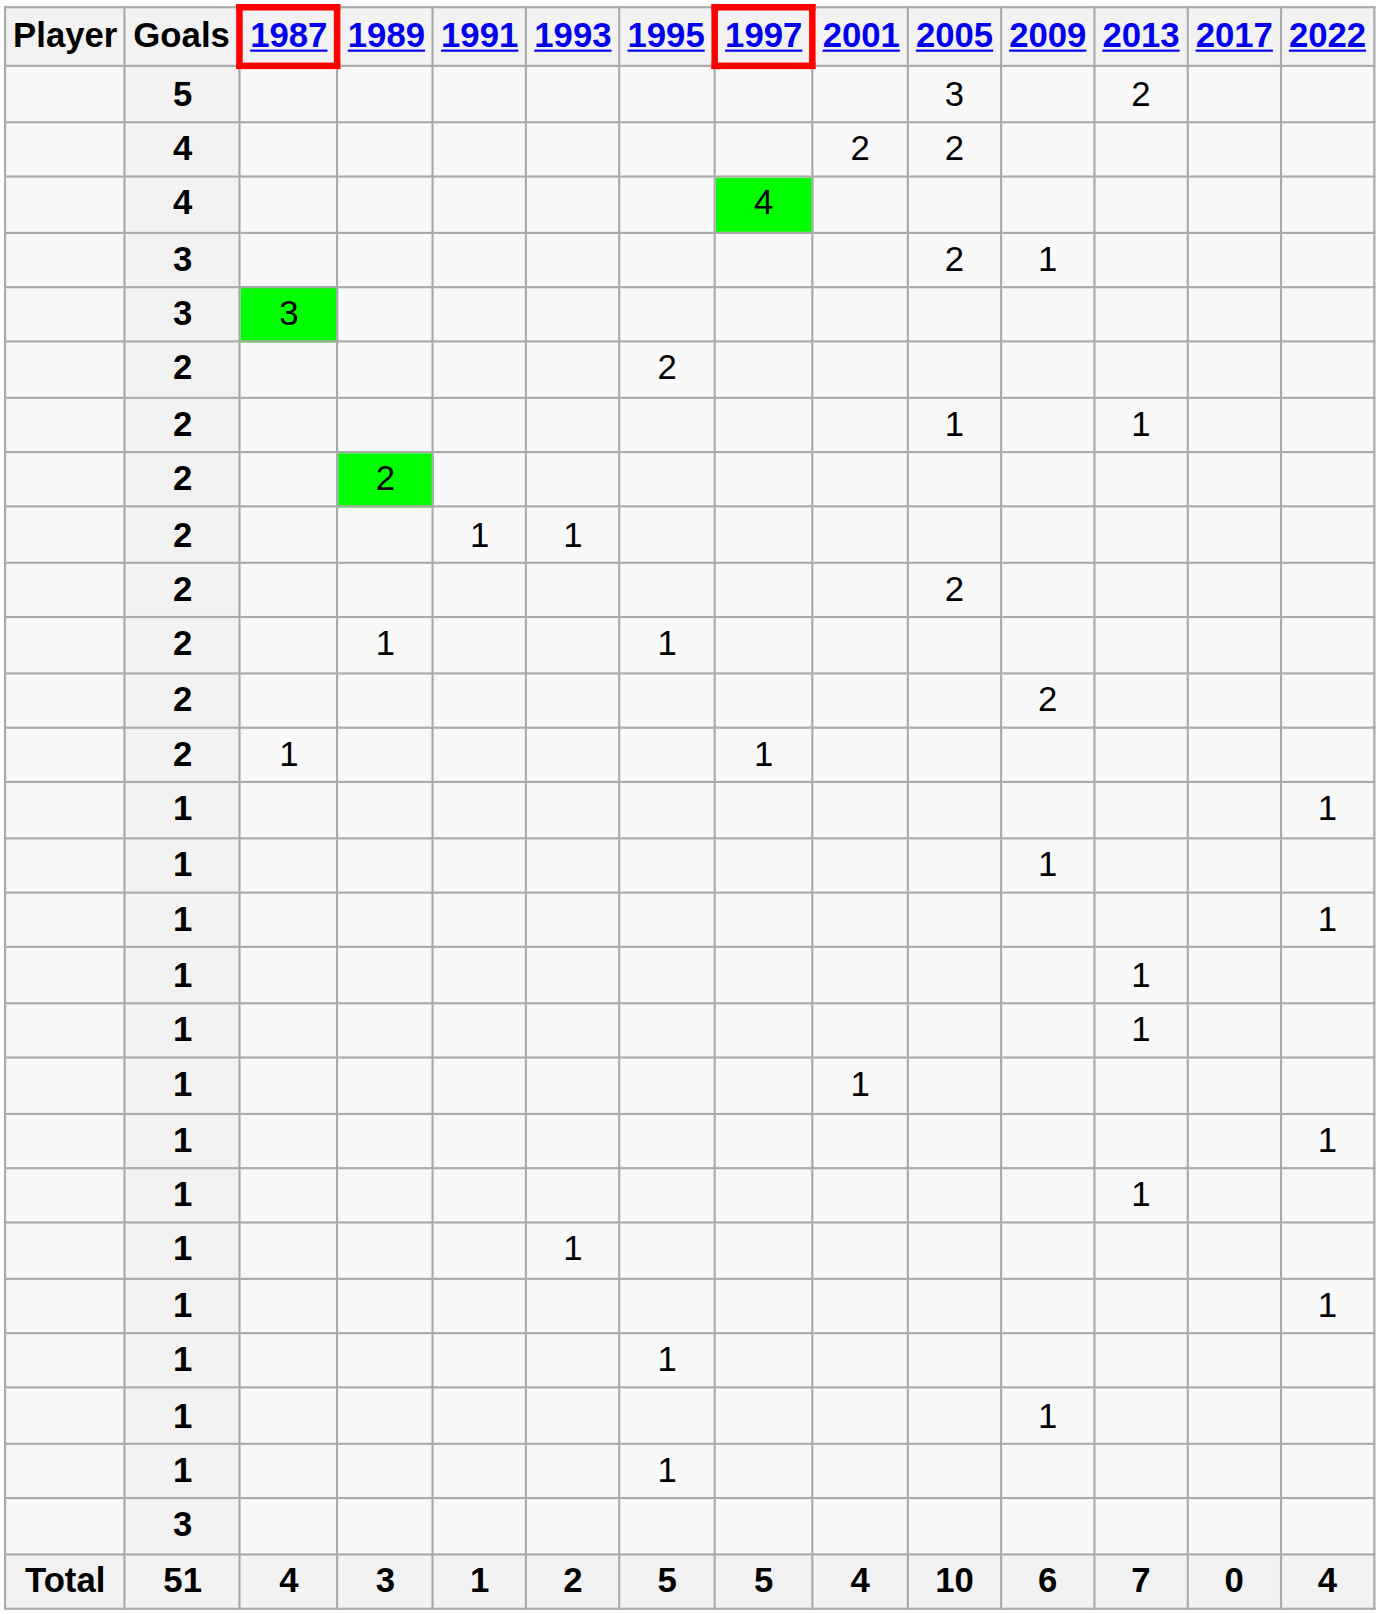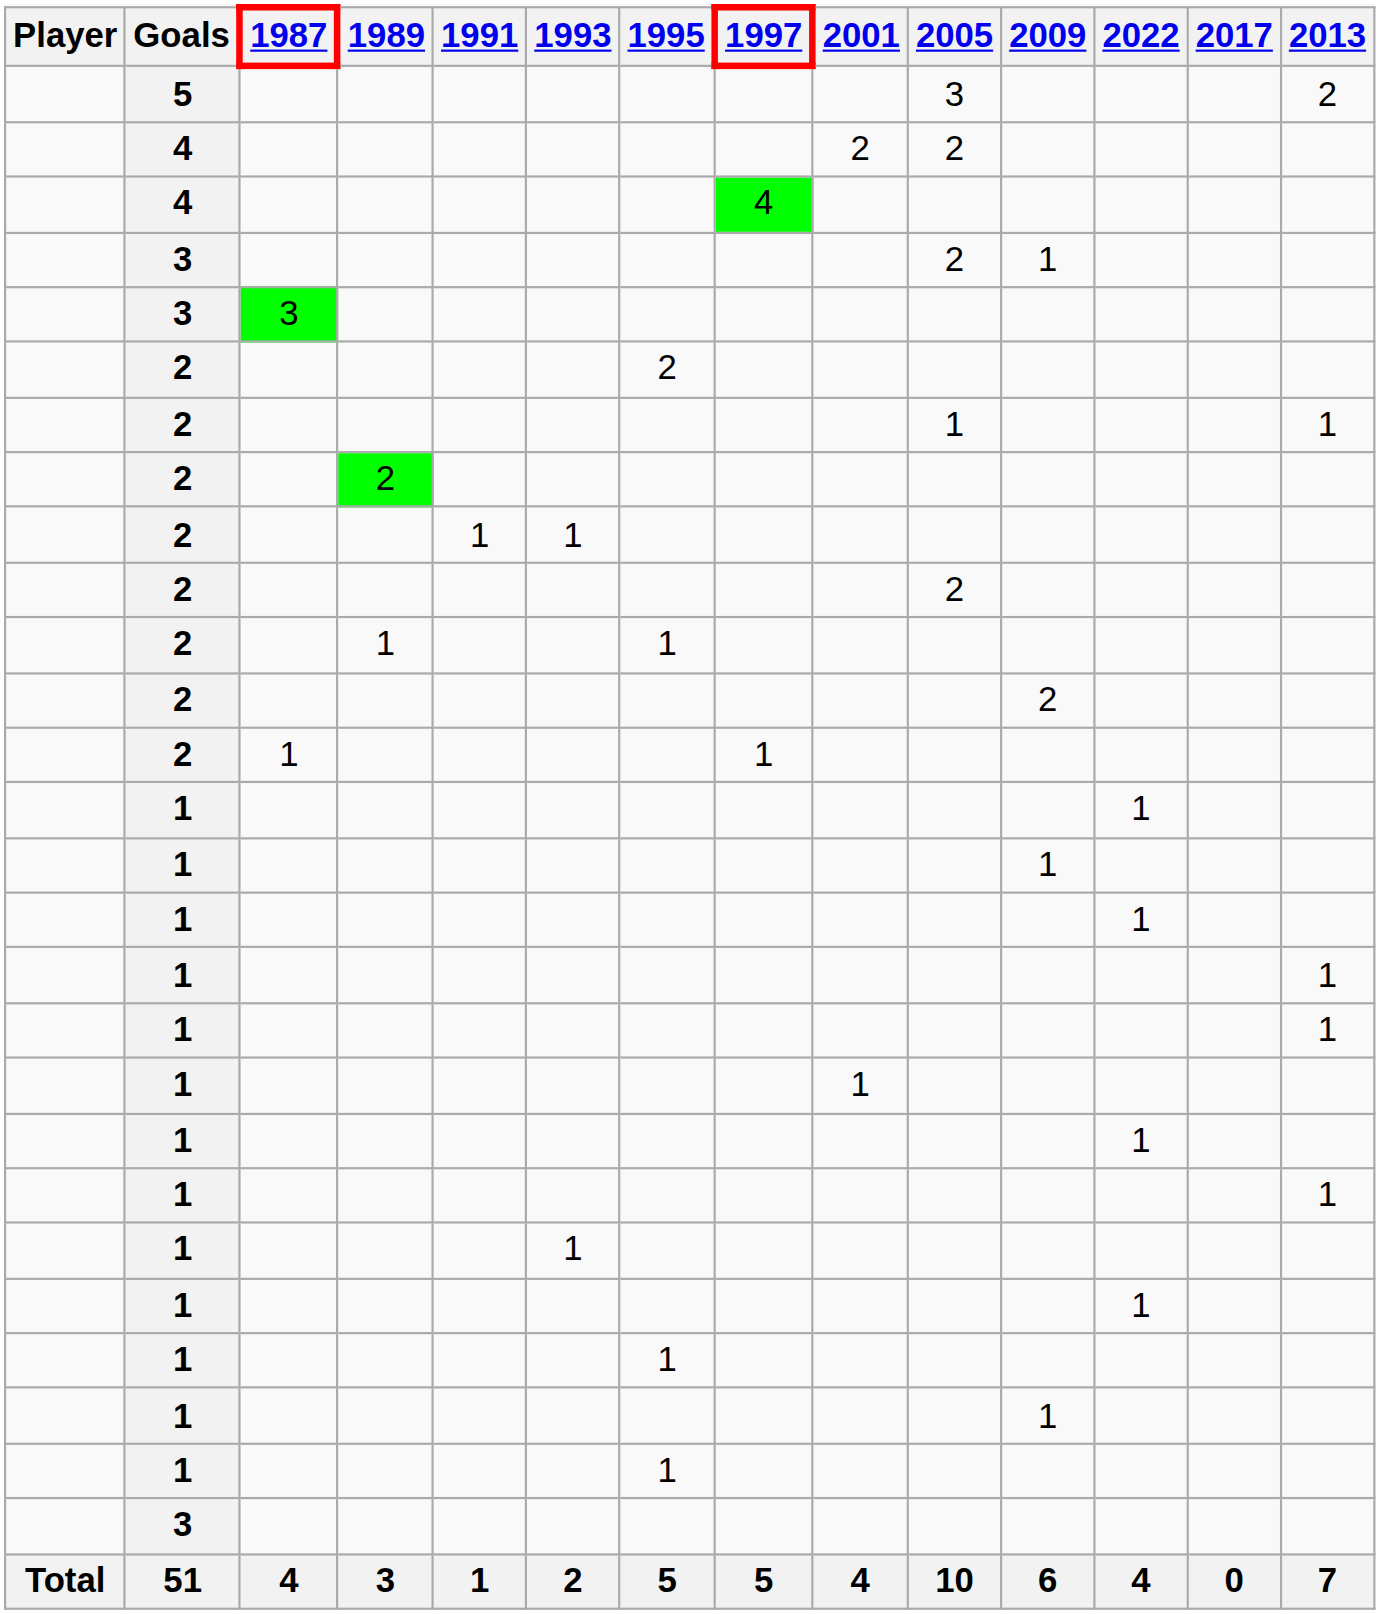 <table class="wikitable sortable" style="text-align:center;">
 <tr>
 <th>Player</th>
 <th>Goals</th>
 <th style="border:3px solid red"><a href='#'>1987</a></th>
 <th><a href='#'>1989</a></th>
 <th><a href='#'>1991</a></th>
 <th><a href='#'>1993</a></th>
 <th><a href='#'>1995</a></th>
 <th style="border:3px solid red"><a href='#'>1997</a></th>
 <th><a href='#'>2001</a></th>
 <th><a href='#'>2005</a></th>
 <th><a href='#'>2009</a></th>
+<th><a href='#'>2022</a></th>
+<th><a href='#'>2017</a></th>
 <th><a href='#'>2013</a></th>
-<th><a href='#'>2017</a></th>
-<th><a href='#'>2022</a></th>
 </tr>
 <tr>
 <td align="left"></td>
 <th>5</th>
 <td></td>
 <td></td>
 <td></td>
 <td></td>
 <td></td>
 <td></td>
 <td></td>
 <td>3</td>
 <td></td>
-<td>2</td>
 <td></td>
 <td></td>
+<td>2</td>
 </tr>
 <tr>
 <td align="left"></td>
 <th>4</th>
 <td></td>
 <td></td>
 <td></td>
 <td></td>
 <td></td>
 <td></td>
 <td>2</td>
 <td>2</td>
 <td></td>
 <td></td>
 <td></td>
 <td></td>
 </tr>
 <tr>
 <td align="left"></td>
 <th>4</th>
 <td></td>
 <td></td>
 <td></td>
 <td></td>
 <td></td>
 <td style="background:#00FF00">4</td>
 <td></td>
 <td></td>
 <td></td>
 <td></td>
 <td></td>
 <td></td>
 </tr>
 <tr>
 <td align="left"></td>
 <th>3</th>
 <td></td>
 <td></td>
 <td></td>
 <td></td>
 <td></td>
 <td></td>
 <td></td>
 <td>2</td>
 <td>1</td>
 <td></td>
 <td></td>
 <td></td>
 </tr>
 <tr>
 <td align="left"></td>
 <th>3</th>
 <td style="background:#00FF00">3</td>
 <td></td>
 <td></td>
 <td></td>
 <td></td>
 <td></td>
 <td></td>
 <td></td>
 <td></td>
 <td></td>
 <td></td>
 <td></td>
 </tr>
 <tr>
 <td align="left"></td>
 <th>2</th>
 <td></td>
 <td></td>
 <td></td>
 <td></td>
 <td>2</td>
 <td></td>
 <td></td>
 <td></td>
 <td></td>
 <td></td>
 <td></td>
 <td></td>
 </tr>
 <tr>
 <td align="left"></td>
 <th>2</th>
 <td></td>
 <td></td>
 <td></td>
 <td></td>
 <td></td>
 <td></td>
 <td></td>
 <td>1</td>
 <td></td>
-<td>1</td>
 <td></td>
 <td></td>
+<td>1</td>
 </tr>
 <tr>
 <td align="left"></td>
 <th>2</th>
 <td></td>
 <td style="background:#00FF00">2</td>
 <td></td>
 <td></td>
 <td></td>
 <td></td>
 <td></td>
 <td></td>
 <td></td>
 <td></td>
 <td></td>
 <td></td>
 </tr>
 <tr>
 <td align="left"></td>
 <th>2</th>
 <td></td>
 <td></td>
 <td>1</td>
 <td>1</td>
 <td></td>
 <td></td>
 <td></td>
 <td></td>
 <td></td>
 <td></td>
 <td></td>
 <td></td>
 </tr>
 <tr>
 <td align="left"></td>
 <th>2</th>
 <td></td>
 <td></td>
 <td></td>
 <td></td>
 <td></td>
 <td></td>
 <td></td>
 <td>2</td>
 <td></td>
 <td></td>
 <td></td>
 <td></td>
 </tr>
 <tr>
 <td align="left"></td>
 <th>2</th>
 <td></td>
 <td>1</td>
 <td></td>
 <td></td>
 <td>1</td>
 <td></td>
 <td></td>
 <td></td>
 <td></td>
 <td></td>
 <td></td>
 <td></td>
 </tr>
 <tr>
 <td align="left"></td>
 <th>2</th>
 <td></td>
 <td></td>
 <td></td>
 <td></td>
 <td></td>
 <td></td>
 <td></td>
 <td></td>
 <td>2</td>
 <td></td>
 <td></td>
 <td></td>
 </tr>
 <tr>
 <td align="left"></td>
 <th>2</th>
 <td>1</td>
 <td></td>
 <td></td>
 <td></td>
 <td></td>
 <td>1</td>
 <td></td>
 <td></td>
 <td></td>
 <td></td>
 <td></td>
 <td></td>
 </tr>
 <tr>
 <td align="left"></td>
 <th>1</th>
 <td></td>
 <td></td>
 <td></td>
 <td></td>
 <td></td>
 <td></td>
 <td></td>
 <td></td>
 <td></td>
+<td>1</td>
 <td></td>
 <td></td>
-<td>1</td>
 </tr>
 <tr>
 <td align="left"></td>
 <th>1</th>
 <td></td>
 <td></td>
 <td></td>
 <td></td>
 <td></td>
 <td></td>
 <td></td>
 <td></td>
 <td>1</td>
 <td></td>
+<td></td>
+<td></td>
+</tr>
+<tr>
+<td align="left"></td>
+<th>1</th>
+<td></td>
+<td></td>
+<td></td>
+<td></td>
+<td></td>
+<td></td>
+<td></td>
+<td></td>
+<td></td>
+<td>1</td>
 <td></td>
 <td></td>
 </tr>
 <tr>
 <td align="left"></td>
 <th>1</th>
 <td></td>
 <td></td>
 <td></td>
 <td></td>
 <td></td>
 <td></td>
 <td></td>
 <td></td>
 <td></td>
 <td></td>
 <td></td>
 <td>1</td>
 </tr>
 <tr>
 <td align="left"></td>
 <th>1</th>
 <td></td>
 <td></td>
 <td></td>
 <td></td>
 <td></td>
 <td></td>
 <td></td>
 <td></td>
 <td></td>
-<td>1</td>
-<td></td>
-<td></td>
-</tr>
-<tr>
-<td align="left"></td>
-<th>1</th>
-<td></td>
-<td></td>
-<td></td>
-<td></td>
-<td></td>
-<td></td>
-<td></td>
 <td></td>
 <td></td>
 <td>1</td>
-<td></td>
-<td></td>
 </tr>
 <tr>
 <td align="left"></td>
 <th>1</th>
 <td></td>
 <td></td>
 <td></td>
 <td></td>
 <td></td>
 <td></td>
 <td>1</td>
 <td></td>
 <td></td>
 <td></td>
 <td></td>
 <td></td>
 </tr>
 <tr>
 <td align="left"></td>
 <th>1</th>
 <td></td>
 <td></td>
 <td></td>
 <td></td>
 <td></td>
 <td></td>
 <td></td>
 <td></td>
 <td></td>
+<td>1</td>
 <td></td>
 <td></td>
-<td>1</td>
 </tr>
 <tr>
 <td align="left"></td>
 <th>1</th>
 <td></td>
 <td></td>
 <td></td>
 <td></td>
 <td></td>
 <td></td>
 <td></td>
 <td></td>
 <td></td>
-<td>1</td>
 <td></td>
 <td></td>
+<td>1</td>
 </tr>
 <tr>
 <td align="left"></td>
 <th>1</th>
 <td></td>
 <td></td>
 <td></td>
 <td>1</td>
 <td></td>
 <td></td>
 <td></td>
 <td></td>
 <td></td>
 <td></td>
 <td></td>
 <td></td>
 </tr>
 <tr>
 <td align="left"></td>
 <th>1</th>
 <td></td>
 <td></td>
 <td></td>
 <td></td>
 <td></td>
 <td></td>
 <td></td>
 <td></td>
 <td></td>
+<td>1</td>
 <td></td>
 <td></td>
-<td>1</td>
 </tr>
 <tr>
 <td align="left"></td>
 <th>1</th>
 <td></td>
 <td></td>
 <td></td>
 <td></td>
 <td>1</td>
 <td></td>
 <td></td>
 <td></td>
 <td></td>
 <td></td>
 <td></td>
 <td></td>
 </tr>
 <tr>
 <td align="left"></td>
 <th>1</th>
 <td></td>
 <td></td>
 <td></td>
 <td></td>
 <td></td>
 <td></td>
 <td></td>
 <td></td>
 <td>1</td>
 <td></td>
 <td></td>
 <td></td>
 </tr>
 <tr>
 <td align="left"></td>
 <th>1</th>
 <td></td>
 <td></td>
 <td></td>
 <td></td>
 <td>1</td>
 <td></td>
 <td></td>
 <td></td>
 <td></td>
 <td></td>
 <td></td>
 <td></td>
 </tr>
 <tr>
 <td align="left"></td>
 <th>3</th>
 <td></td>
 <td></td>
 <td></td>
 <td></td>
 <td></td>
 <td></td>
 <td></td>
 <td></td>
 <td></td>
 <td></td>
 <td></td>
 <td></td>
 </tr>
 <tr class="sortbottom">
 <th>Total</th>
 <th>51</th>
 <th>4</th>
 <th>3</th>
 <th>1</th>
 <th>2</th>
 <th>5</th>
 <th>5</th>
 <th>4</th>
 <th>10</th>
 <th>6</th>
+<th>4</th>
+<th>0</th>
 <th>7</th>
-<th>0</th>
-<th>4</th>
 </tr>
 </table>
